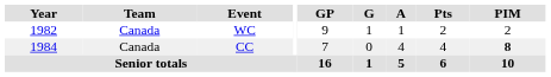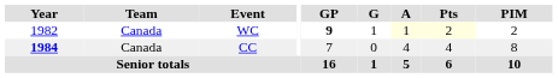 <table border="0" cellpadding="1" cellspacing="0" ID="Table3" style="text-align:center; width:40em">
 <tr bgcolor="#e0e0e0">
 <th>Year</th>
 <th>Team</th>
 <th>Event</th>
 <th rowspan="102" bgcolor="#ffffff"></th>
 <th>GP</th>
 <th>G</th>
 <th>A</th>
 <th>Pts</th>
 <th>PIM</th>
 </tr>
 <tr>
 <td><a href='#'>1982</a></td>
 <td><a href='#'>Canada</a></td>
 <td><a href='#'>WC</a></td>
-<td>9</td>
+<td><strong>9</strong></td>
 <td>1</td>
-<td>1</td>
-<td>2</td>
+<td style="background: lightyellow;">1</td>
+<td style="background: lightyellow;">2</td>
 <td>2</td>
 </tr>
 <tr bgcolor="#f0f0f0">
-<td><a href='#'>1984</a></td>
+<td><strong><a href='#'>1984</a></strong></td>
 <td>Canada</td>
 <td><a href='#'>CC</a></td>
 <td>7</td>
 <td>0</td>
 <td>4</td>
 <td>4</td>
-<td><strong>8</strong></td>
+<td>8</td>
 </tr>
 <tr bgcolor="#e0e0e0">
 <th colspan="4">Senior totals</th>
 <th>16</th>
 <th>1</th>
 <th>5</th>
 <th>6</th>
 <th>10</th>
 </tr>
 </table>
